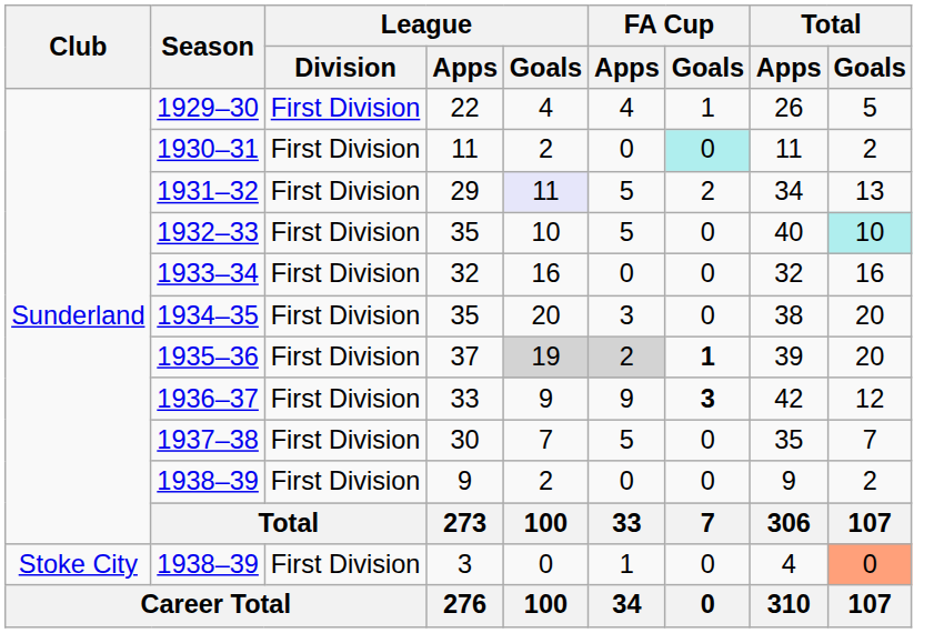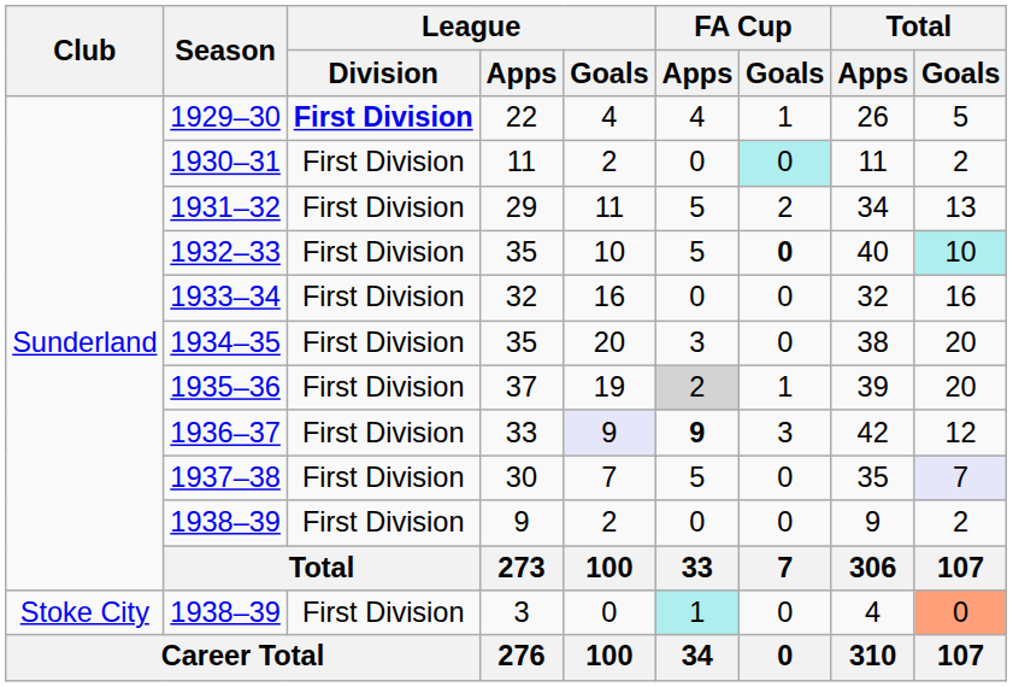 <table class="wikitable" style="text-align: center;">
 <tr>
 <th rowspan="2">Club</th>
 <th rowspan="2">Season</th>
 <th colspan="3">League</th>
 <th colspan="2">FA Cup</th>
 <th colspan="2">Total</th>
 </tr>
 <tr>
 <th>Division</th>
 <th>Apps</th>
 <th>Goals</th>
 <th>Apps</th>
 <th>Goals</th>
 <th>Apps</th>
 <th>Goals</th>
 </tr>
 <tr>
 <td rowspan="11"><a href='#'>Sunderland</a></td>
 <td><a href='#'>1929–30</a></td>
-<td><a href='#'>First Division</a></td>
+<td><strong><a href='#'>First Division</a></strong></td>
 <td>22</td>
 <td>4</td>
 <td>4</td>
 <td>1</td>
 <td>26</td>
 <td>5</td>
 </tr>
 <tr>
 <td><a href='#'>1930–31</a></td>
 <td>First Division</td>
 <td>11</td>
 <td>2</td>
 <td>0</td>
 <td style="background: paleturquoise;">0</td>
 <td>11</td>
 <td>2</td>
 </tr>
 <tr>
 <td><a href='#'>1931–32</a></td>
 <td>First Division</td>
 <td>29</td>
-<td style="background: lavender;">11</td>
+<td>11</td>
 <td>5</td>
 <td>2</td>
 <td>34</td>
 <td>13</td>
 </tr>
 <tr>
 <td><a href='#'>1932–33</a></td>
 <td>First Division</td>
 <td>35</td>
 <td>10</td>
 <td>5</td>
-<td>0</td>
+<td><strong>0</strong></td>
 <td>40</td>
 <td style="background: paleturquoise;">10</td>
 </tr>
 <tr>
 <td><a href='#'>1933–34</a></td>
 <td>First Division</td>
 <td>32</td>
 <td>16</td>
 <td>0</td>
 <td>0</td>
 <td>32</td>
 <td>16</td>
 </tr>
 <tr>
 <td><a href='#'>1934–35</a></td>
 <td>First Division</td>
 <td>35</td>
 <td>20</td>
 <td>3</td>
 <td>0</td>
 <td>38</td>
 <td>20</td>
 </tr>
 <tr>
 <td><a href='#'>1935–36</a></td>
 <td>First Division</td>
 <td>37</td>
-<td style="background: lightgrey;">19</td>
+<td>19</td>
 <td style="background: lightgrey;">2</td>
-<td><strong>1</strong></td>
+<td>1</td>
 <td>39</td>
 <td>20</td>
 </tr>
 <tr>
 <td><a href='#'>1936–37</a></td>
 <td>First Division</td>
 <td>33</td>
-<td>9</td>
-<td>9</td>
-<td><strong>3</strong></td>
+<td style="background: lavender;">9</td>
+<td><strong>9</strong></td>
+<td>3</td>
 <td>42</td>
 <td>12</td>
 </tr>
 <tr>
 <td><a href='#'>1937–38</a></td>
 <td>First Division</td>
 <td>30</td>
 <td>7</td>
 <td>5</td>
 <td>0</td>
 <td>35</td>
-<td>7</td>
+<td style="background: lavender;">7</td>
 </tr>
 <tr>
 <td><a href='#'>1938–39</a></td>
 <td>First Division</td>
 <td>9</td>
 <td>2</td>
 <td>0</td>
 <td>0</td>
 <td>9</td>
 <td>2</td>
 </tr>
 <tr>
 <th colspan=2>Total</th>
 <th>273</th>
 <th>100</th>
 <th>33</th>
 <th>7</th>
 <th>306</th>
 <th>107</th>
 </tr>
 <tr>
 <td><a href='#'>Stoke City</a></td>
 <td><a href='#'>1938–39</a></td>
 <td>First Division</td>
 <td>3</td>
 <td>0</td>
-<td>1</td>
+<td style="background: paleturquoise;">1</td>
 <td>0</td>
 <td>4</td>
 <td style="background: lightsalmon;">0</td>
 </tr>
 <tr>
 <th colspan="3">Career Total</th>
 <th>276</th>
 <th>100</th>
 <th>34</th>
 <th>0</th>
 <th>310</th>
 <th>107</th>
 </tr>
 </table>
